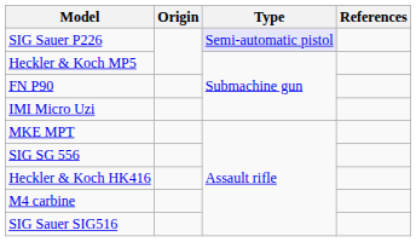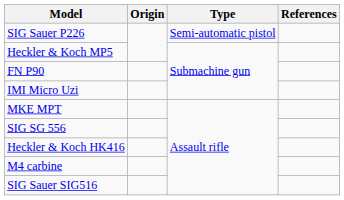 <table class="wikitable">
 <tr>
 <th>Model</th>
 <th>Origin</th>
 <th>Type</th>
 <th>References</th>
 </tr>
 <tr>
 <td><a href='#'>SIG Sauer P226</a></td>
 <td rowspan="2"></td>
-<td style="background: lavender;"><a href='#'>Semi-automatic pistol</a></td>
+<td><a href='#'>Semi-automatic pistol</a></td>
 <td></td>
 </tr>
 <tr>
 <td><a href='#'>Heckler & Koch MP5</a></td>
 <td rowspan="3"><a href='#'>Submachine gun</a></td>
 <td></td>
 </tr>
 <tr>
 <td><a href='#'>FN P90</a></td>
 <td></td>
 <td></td>
 </tr>
 <tr>
 <td><a href='#'>IMI Micro Uzi</a></td>
 <td></td>
 <td></td>
 </tr>
 <tr>
 <td><a href='#'>MKE MPT</a></td>
 <td></td>
 <td rowspan="5"><a href='#'>Assault rifle</a></td>
 <td></td>
 </tr>
 <tr>
 <td><a href='#'>SIG SG 556</a></td>
 <td></td>
 <td></td>
 </tr>
 <tr>
 <td><a href='#'>Heckler & Koch HK416</a></td>
 <td></td>
 <td></td>
 </tr>
 <tr>
 <td><a href='#'>M4 carbine</a></td>
 <td></td>
 <td></td>
 </tr>
 <tr>
 <td><a href='#'>SIG Sauer SIG516</a></td>
 <td></td>
 <td></td>
 </tr>
 </table>
